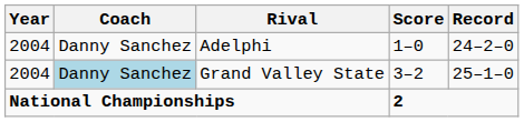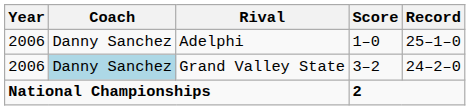 <table class= "wikitable sortable">
 <tr>
 <th width=px>Year</th>
 <th width=px>Coach</th>
 <th width=px>Rival</th>
 <th width=px>Score</th>
 <th width=px>Record</th>
 </tr>
 <tr>
-<td>2004</td>
+<td>2006</td>
 <td>Danny Sanchez</td>
 <td>Adelphi</td>
 <td>1–0 </td>
-<td>24–2–0</td>
+<td>25–1–0</td>
 </tr>
 <tr>
-<td>2004</td>
+<td>2006</td>
 <td style="background: lightblue;">Danny Sanchez</td>
 <td>Grand Valley State</td>
 <td>3–2</td>
-<td>25–1–0</td>
+<td>24–2–0</td>
 </tr>
 <tr>
 <td colspan="3"><strong>National Championships</strong></td>
 <td colspan="2"><strong>2</strong></td>
 </tr>
 </table>
